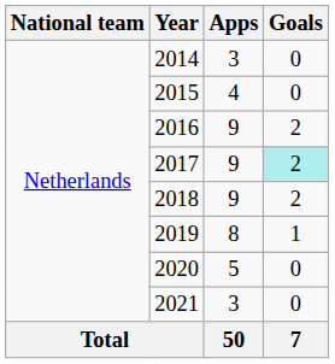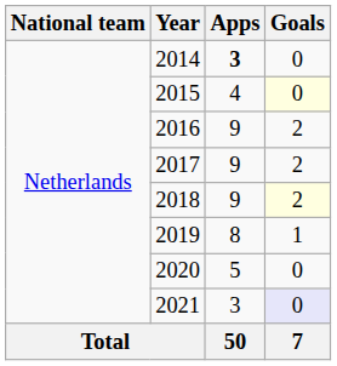 <table class="wikitable" style="text-align:center">
 <tr>
 <th>National team</th>
 <th>Year</th>
 <th>Apps</th>
 <th>Goals</th>
 </tr>
 <tr>
 <td rowspan="8"><a href='#'>Netherlands</a></td>
 <td>2014</td>
-<td>3</td>
+<td><strong>3</strong></td>
 <td>0</td>
 </tr>
 <tr>
 <td>2015</td>
 <td>4</td>
-<td>0</td>
+<td style="background: lightyellow;">0</td>
 </tr>
 <tr>
 <td>2016</td>
 <td>9</td>
 <td>2</td>
 </tr>
 <tr>
 <td>2017</td>
 <td>9</td>
-<td style="background: paleturquoise;">2</td>
+<td>2</td>
 </tr>
 <tr>
 <td>2018</td>
 <td>9</td>
-<td>2</td>
+<td style="background: lightyellow;">2</td>
 </tr>
 <tr>
 <td>2019</td>
 <td>8</td>
 <td>1</td>
 </tr>
 <tr>
 <td>2020</td>
 <td>5</td>
 <td>0</td>
 </tr>
 <tr>
 <td>2021</td>
 <td>3</td>
-<td>0</td>
+<td style="background: lavender;">0</td>
 </tr>
 <tr>
 <th colspan="2">Total</th>
 <th>50</th>
 <th>7</th>
 </tr>
 </table>
